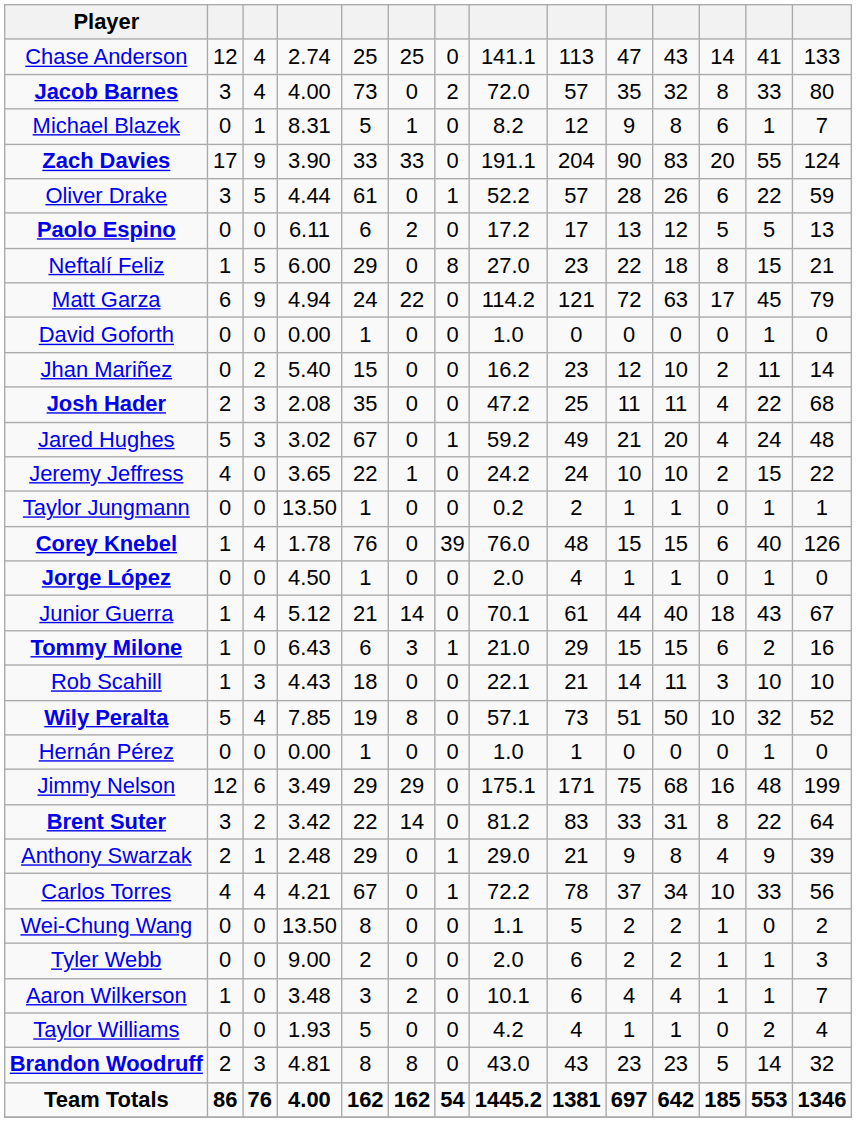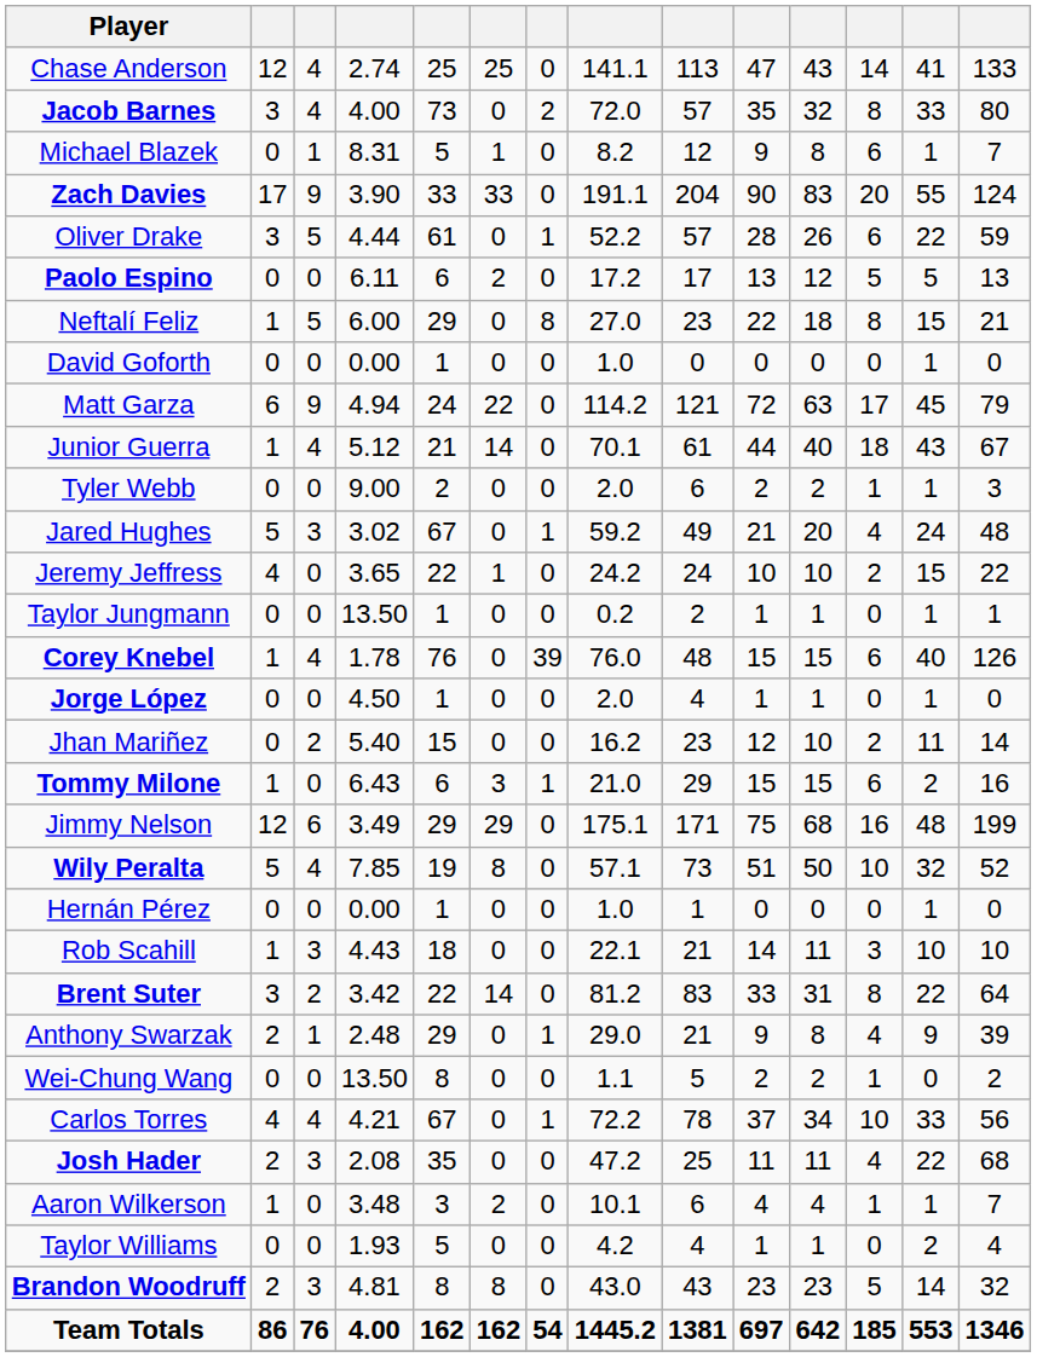 <table class="wikitable sortable" style="text-align:center;">
 <tr>
 <th>Player</th>
 <th></th>
 <th></th>
 <th></th>
 <th></th>
 <th></th>
 <th></th>
 <th></th>
 <th></th>
 <th></th>
 <th></th>
 <th></th>
 <th></th>
 <th></th>
 </tr>
 <tr>
 <td><a href='#'>Chase Anderson</a></td>
 <td>12</td>
 <td>4</td>
 <td>2.74</td>
 <td>25</td>
 <td>25</td>
 <td>0</td>
 <td>141.1</td>
 <td>113</td>
 <td>47</td>
 <td>43</td>
 <td>14</td>
 <td>41</td>
 <td>133</td>
 </tr>
 <tr>
 <td><strong><a href='#'>Jacob Barnes</a></strong></td>
 <td>3</td>
 <td>4</td>
 <td>4.00</td>
 <td>73</td>
 <td>0</td>
 <td>2</td>
 <td>72.0</td>
 <td>57</td>
 <td>35</td>
 <td>32</td>
 <td>8</td>
 <td>33</td>
 <td>80</td>
 </tr>
 <tr>
 <td><a href='#'>Michael Blazek</a></td>
 <td>0</td>
 <td>1</td>
 <td>8.31</td>
 <td>5</td>
 <td>1</td>
 <td>0</td>
 <td>8.2</td>
 <td>12</td>
 <td>9</td>
 <td>8</td>
 <td>6</td>
 <td>1</td>
 <td>7</td>
 </tr>
 <tr>
 <td><strong><a href='#'>Zach Davies</a></strong></td>
 <td>17</td>
 <td>9</td>
 <td>3.90</td>
 <td>33</td>
 <td>33</td>
 <td>0</td>
 <td>191.1</td>
 <td>204</td>
 <td>90</td>
 <td>83</td>
 <td>20</td>
 <td>55</td>
 <td>124</td>
 </tr>
 <tr>
 <td><a href='#'>Oliver Drake</a></td>
 <td>3</td>
 <td>5</td>
 <td>4.44</td>
 <td>61</td>
 <td>0</td>
 <td>1</td>
 <td>52.2</td>
 <td>57</td>
 <td>28</td>
 <td>26</td>
 <td>6</td>
 <td>22</td>
 <td>59</td>
 </tr>
 <tr>
 <td><strong><a href='#'>Paolo Espino</a></strong></td>
 <td>0</td>
 <td>0</td>
 <td>6.11</td>
 <td>6</td>
 <td>2</td>
 <td>0</td>
 <td>17.2</td>
 <td>17</td>
 <td>13</td>
 <td>12</td>
 <td>5</td>
 <td>5</td>
 <td>13</td>
 </tr>
 <tr>
 <td><a href='#'>Neftalí Feliz</a></td>
 <td>1</td>
 <td>5</td>
 <td>6.00</td>
 <td>29</td>
 <td>0</td>
 <td>8</td>
 <td>27.0</td>
 <td>23</td>
 <td>22</td>
 <td>18</td>
 <td>8</td>
 <td>15</td>
 <td>21</td>
 </tr>
 <tr>
+<td><a href='#'>David Goforth</a></td>
+<td>0</td>
+<td>0</td>
+<td>0.00</td>
+<td>1</td>
+<td>0</td>
+<td>0</td>
+<td>1.0</td>
+<td>0</td>
+<td>0</td>
+<td>0</td>
+<td>0</td>
+<td>1</td>
+<td>0</td>
+</tr>
+<tr>
 <td><a href='#'>Matt Garza</a></td>
 <td>6</td>
 <td>9</td>
 <td>4.94</td>
 <td>24</td>
 <td>22</td>
 <td>0</td>
 <td>114.2</td>
 <td>121</td>
 <td>72</td>
 <td>63</td>
 <td>17</td>
 <td>45</td>
 <td>79</td>
 </tr>
 <tr>
-<td><a href='#'>David Goforth</a></td>
+<td><a href='#'>Junior Guerra</a></td>
+<td>1</td>
+<td>4</td>
+<td>5.12</td>
+<td>21</td>
+<td>14</td>
+<td>0</td>
+<td>70.1</td>
+<td>61</td>
+<td>44</td>
+<td>40</td>
+<td>18</td>
+<td>43</td>
+<td>67</td>
+</tr>
+<tr>
+<td><a href='#'>Tyler Webb</a></td>
 <td>0</td>
 <td>0</td>
-<td>0.00</td>
-<td>1</td>
+<td>9.00</td>
+<td>2</td>
 <td>0</td>
 <td>0</td>
-<td>1.0</td>
-<td>0</td>
-<td>0</td>
-<td>0</td>
-<td>0</td>
+<td>2.0</td>
+<td>6</td>
+<td>2</td>
+<td>2</td>
 <td>1</td>
-<td>0</td>
-</tr>
-<tr>
-<td><a href='#'>Jhan Mariñez</a></td>
-<td>0</td>
-<td>2</td>
-<td>5.40</td>
-<td>15</td>
-<td>0</td>
-<td>0</td>
-<td>16.2</td>
-<td>23</td>
-<td>12</td>
-<td>10</td>
-<td>2</td>
-<td>11</td>
-<td>14</td>
-</tr>
-<tr>
-<td><strong><a href='#'>Josh Hader</a></strong></td>
-<td>2</td>
+<td>1</td>
 <td>3</td>
-<td>2.08</td>
-<td>35</td>
-<td>0</td>
-<td>0</td>
-<td>47.2</td>
-<td>25</td>
-<td>11</td>
-<td>11</td>
-<td>4</td>
-<td>22</td>
-<td>68</td>
 </tr>
 <tr>
 <td><a href='#'>Jared Hughes</a></td>
 <td>5</td>
 <td>3</td>
 <td>3.02</td>
 <td>67</td>
 <td>0</td>
 <td>1</td>
 <td>59.2</td>
 <td>49</td>
 <td>21</td>
 <td>20</td>
 <td>4</td>
 <td>24</td>
 <td>48</td>
 </tr>
 <tr>
 <td><a href='#'>Jeremy Jeffress</a></td>
 <td>4</td>
 <td>0</td>
 <td>3.65</td>
 <td>22</td>
 <td>1</td>
 <td>0</td>
 <td>24.2</td>
 <td>24</td>
 <td>10</td>
 <td>10</td>
 <td>2</td>
 <td>15</td>
 <td>22</td>
 </tr>
 <tr>
 <td><a href='#'>Taylor Jungmann</a></td>
 <td>0</td>
 <td>0</td>
 <td>13.50</td>
 <td>1</td>
 <td>0</td>
 <td>0</td>
 <td>0.2</td>
 <td>2</td>
 <td>1</td>
 <td>1</td>
 <td>0</td>
 <td>1</td>
 <td>1</td>
 </tr>
 <tr>
 <td><strong><a href='#'>Corey Knebel</a></strong></td>
 <td>1</td>
 <td>4</td>
 <td>1.78</td>
 <td>76</td>
 <td>0</td>
 <td>39</td>
 <td>76.0</td>
 <td>48</td>
 <td>15</td>
 <td>15</td>
 <td>6</td>
 <td>40</td>
 <td>126</td>
 </tr>
 <tr>
 <td><strong><a href='#'>Jorge López</a></strong></td>
 <td>0</td>
 <td>0</td>
 <td>4.50</td>
 <td>1</td>
 <td>0</td>
 <td>0</td>
 <td>2.0</td>
 <td>4</td>
 <td>1</td>
 <td>1</td>
 <td>0</td>
 <td>1</td>
 <td>0</td>
 </tr>
 <tr>
-<td><a href='#'>Junior Guerra</a></td>
-<td>1</td>
-<td>4</td>
-<td>5.12</td>
-<td>21</td>
+<td><a href='#'>Jhan Mariñez</a></td>
+<td>0</td>
+<td>2</td>
+<td>5.40</td>
+<td>15</td>
+<td>0</td>
+<td>0</td>
+<td>16.2</td>
+<td>23</td>
+<td>12</td>
+<td>10</td>
+<td>2</td>
+<td>11</td>
 <td>14</td>
-<td>0</td>
-<td>70.1</td>
-<td>61</td>
-<td>44</td>
-<td>40</td>
-<td>18</td>
-<td>43</td>
-<td>67</td>
 </tr>
 <tr>
 <td><strong><a href='#'>Tommy Milone</a></strong></td>
 <td>1</td>
 <td>0</td>
 <td>6.43</td>
 <td>6</td>
 <td>3</td>
 <td>1</td>
 <td>21.0</td>
 <td>29</td>
 <td>15</td>
 <td>15</td>
 <td>6</td>
 <td>2</td>
 <td>16</td>
 </tr>
 <tr>
-<td><a href='#'>Rob Scahill</a></td>
-<td>1</td>
-<td>3</td>
-<td>4.43</td>
-<td>18</td>
+<td><a href='#'>Jimmy Nelson</a></td>
+<td>12</td>
+<td>6</td>
+<td>3.49</td>
+<td>29</td>
+<td>29</td>
 <td>0</td>
-<td>0</td>
-<td>22.1</td>
-<td>21</td>
-<td>14</td>
-<td>11</td>
-<td>3</td>
-<td>10</td>
-<td>10</td>
+<td>175.1</td>
+<td>171</td>
+<td>75</td>
+<td>68</td>
+<td>16</td>
+<td>48</td>
+<td>199</td>
 </tr>
 <tr>
 <td><strong><a href='#'>Wily Peralta</a></strong></td>
 <td>5</td>
 <td>4</td>
 <td>7.85</td>
 <td>19</td>
 <td>8</td>
 <td>0</td>
 <td>57.1</td>
 <td>73</td>
 <td>51</td>
 <td>50</td>
 <td>10</td>
 <td>32</td>
 <td>52</td>
 </tr>
 <tr>
 <td><a href='#'>Hernán Pérez</a></td>
 <td>0</td>
 <td>0</td>
 <td>0.00</td>
 <td>1</td>
 <td>0</td>
 <td>0</td>
 <td>1.0</td>
 <td>1</td>
 <td>0</td>
 <td>0</td>
 <td>0</td>
 <td>1</td>
 <td>0</td>
 </tr>
 <tr>
-<td><a href='#'>Jimmy Nelson</a></td>
-<td>12</td>
-<td>6</td>
-<td>3.49</td>
-<td>29</td>
-<td>29</td>
+<td><a href='#'>Rob Scahill</a></td>
+<td>1</td>
+<td>3</td>
+<td>4.43</td>
+<td>18</td>
 <td>0</td>
-<td>175.1</td>
-<td>171</td>
-<td>75</td>
-<td>68</td>
-<td>16</td>
-<td>48</td>
-<td>199</td>
+<td>0</td>
+<td>22.1</td>
+<td>21</td>
+<td>14</td>
+<td>11</td>
+<td>3</td>
+<td>10</td>
+<td>10</td>
 </tr>
 <tr>
 <td><strong><a href='#'>Brent Suter</a></strong></td>
 <td>3</td>
 <td>2</td>
 <td>3.42</td>
 <td>22</td>
 <td>14</td>
 <td>0</td>
 <td>81.2</td>
 <td>83</td>
 <td>33</td>
 <td>31</td>
 <td>8</td>
 <td>22</td>
 <td>64</td>
 </tr>
 <tr>
 <td><a href='#'>Anthony Swarzak</a></td>
 <td>2</td>
 <td>1</td>
 <td>2.48</td>
 <td>29</td>
 <td>0</td>
 <td>1</td>
 <td>29.0</td>
 <td>21</td>
 <td>9</td>
 <td>8</td>
 <td>4</td>
 <td>9</td>
 <td>39</td>
 </tr>
 <tr>
+<td><a href='#'>Wei-Chung Wang</a></td>
+<td>0</td>
+<td>0</td>
+<td>13.50</td>
+<td>8</td>
+<td>0</td>
+<td>0</td>
+<td>1.1</td>
+<td>5</td>
+<td>2</td>
+<td>2</td>
+<td>1</td>
+<td>0</td>
+<td>2</td>
+</tr>
+<tr>
 <td><a href='#'>Carlos Torres</a></td>
 <td>4</td>
 <td>4</td>
 <td>4.21</td>
 <td>67</td>
 <td>0</td>
 <td>1</td>
 <td>72.2</td>
 <td>78</td>
 <td>37</td>
 <td>34</td>
 <td>10</td>
 <td>33</td>
 <td>56</td>
 </tr>
 <tr>
-<td><a href='#'>Wei-Chung Wang</a></td>
+<td><strong><a href='#'>Josh Hader</a></strong></td>
+<td>2</td>
+<td>3</td>
+<td>2.08</td>
+<td>35</td>
 <td>0</td>
 <td>0</td>
-<td>13.50</td>
-<td>8</td>
-<td>0</td>
-<td>0</td>
-<td>1.1</td>
-<td>5</td>
-<td>2</td>
-<td>2</td>
-<td>1</td>
-<td>0</td>
-<td>2</td>
-</tr>
-<tr>
-<td><a href='#'>Tyler Webb</a></td>
-<td>0</td>
-<td>0</td>
-<td>9.00</td>
-<td>2</td>
-<td>0</td>
-<td>0</td>
-<td>2.0</td>
-<td>6</td>
-<td>2</td>
-<td>2</td>
-<td>1</td>
-<td>1</td>
-<td>3</td>
+<td>47.2</td>
+<td>25</td>
+<td>11</td>
+<td>11</td>
+<td>4</td>
+<td>22</td>
+<td>68</td>
 </tr>
 <tr>
 <td><a href='#'>Aaron Wilkerson</a></td>
 <td>1</td>
 <td>0</td>
 <td>3.48</td>
 <td>3</td>
 <td>2</td>
 <td>0</td>
 <td>10.1</td>
 <td>6</td>
 <td>4</td>
 <td>4</td>
 <td>1</td>
 <td>1</td>
 <td>7</td>
 </tr>
 <tr>
 <td><a href='#'>Taylor Williams</a></td>
 <td>0</td>
 <td>0</td>
 <td>1.93</td>
 <td>5</td>
 <td>0</td>
 <td>0</td>
 <td>4.2</td>
 <td>4</td>
 <td>1</td>
 <td>1</td>
 <td>0</td>
 <td>2</td>
 <td>4</td>
 </tr>
 <tr>
 <td><strong><a href='#'>Brandon Woodruff</a></strong></td>
 <td>2</td>
 <td>3</td>
 <td>4.81</td>
 <td>8</td>
 <td>8</td>
 <td>0</td>
 <td>43.0</td>
 <td>43</td>
 <td>23</td>
 <td>23</td>
 <td>5</td>
 <td>14</td>
 <td>32</td>
 </tr>
 <tr>
 <td><strong>Team Totals</strong></td>
 <td><strong>86</strong></td>
 <td><strong>76</strong></td>
 <td><strong>4.00</strong></td>
 <td><strong>162</strong></td>
 <td><strong>162</strong></td>
 <td><strong>54</strong></td>
 <td><strong>1445.2</strong></td>
 <td><strong>1381</strong></td>
 <td><strong>697</strong></td>
 <td><strong>642</strong></td>
 <td><strong>185</strong></td>
 <td><strong>553</strong></td>
 <td><strong>1346</strong></td>
 </tr>
 <tr class=="sortbottom">
 </tr>
 </table>
